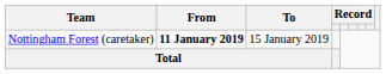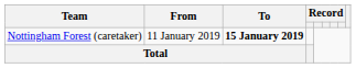 <table class=wikitable style=text-align:center>
 <tr>
 <th rowspan=2>Team</th>
 <th rowspan=2>From</th>
 <th rowspan=2>To</th>
 <th colspan=5>Record</th>
 <th rowspan=2></th>
 </tr>
 <tr>
 <th></th>
 <th></th>
 <th></th>
 <th></th>
 <th></th>
 </tr>
 <tr>
 <td align=left><a href='#'>Nottingham Forest</a> (caretaker)</td>
-<td align=left><strong>11 January 2019</strong></td>
-<td align=left>15 January 2019<br></td>
+<td align=left>11 January 2019</td>
+<td align=left><strong>15 January 2019<br></strong></td>
 <td></td>
 </tr>
 <tr>
 <th colspan=3>Total<br></th>
 <th></th>
 </tr>
 </table>
